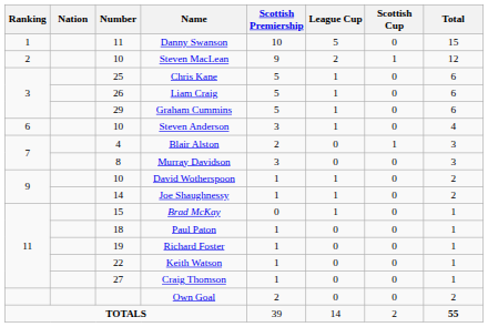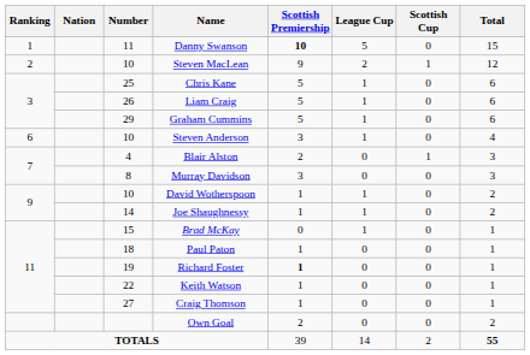 <table class="wikitable" style="font-size: 95%; text-align: center;">
 <tr>
 <th width=60>Ranking</th>
 <th width=60>Nation</th>
 <th width=60>Number</th>
 <th width=150>Name</th>
 <th width=80><a href='#'>Scottish Premiership</a></th>
 <th width=80>League Cup</th>
 <th width=80>Scottish Cup</th>
 <th width=80>Total</th>
 </tr>
 <tr>
 <td>1</td>
 <td></td>
 <td>11</td>
 <td><a href='#'>Danny Swanson</a></td>
-<td>10</td>
+<td><strong>10</strong></td>
 <td>5</td>
 <td>0</td>
 <td>15</td>
 </tr>
 <tr>
 <td>2</td>
 <td></td>
 <td>10</td>
 <td><a href='#'>Steven MacLean</a></td>
 <td>9</td>
 <td>2</td>
 <td>1</td>
 <td>12</td>
 </tr>
 <tr>
 <td rowspan="3">3</td>
 <td></td>
 <td>25</td>
 <td><a href='#'>Chris Kane</a></td>
 <td>5</td>
 <td>1</td>
 <td>0</td>
 <td>6</td>
 </tr>
 <tr>
 <td></td>
 <td>26</td>
 <td><a href='#'>Liam Craig</a></td>
 <td>5</td>
 <td>1</td>
 <td>0</td>
 <td>6</td>
 </tr>
 <tr>
 <td></td>
 <td>29</td>
 <td><a href='#'>Graham Cummins</a></td>
 <td>5</td>
 <td>1</td>
 <td>0</td>
 <td>6</td>
 </tr>
 <tr>
 <td>6</td>
 <td></td>
 <td>10</td>
 <td><a href='#'>Steven Anderson</a></td>
 <td>3</td>
 <td>1</td>
 <td>0</td>
 <td>4</td>
 </tr>
 <tr>
 <td rowspan="2">7</td>
 <td></td>
 <td>4</td>
 <td><a href='#'>Blair Alston</a></td>
 <td>2</td>
 <td>0</td>
 <td>1</td>
 <td>3</td>
 </tr>
 <tr>
 <td></td>
 <td>8</td>
 <td><a href='#'>Murray Davidson</a></td>
 <td>3</td>
 <td>0</td>
 <td>0</td>
 <td>3</td>
 </tr>
 <tr>
 <td rowspan="2">9</td>
 <td></td>
 <td>10</td>
 <td><a href='#'>David Wotherspoon</a></td>
 <td>1</td>
 <td>1</td>
 <td>0</td>
 <td>2</td>
 </tr>
 <tr>
 <td></td>
 <td>14</td>
 <td><a href='#'>Joe Shaughnessy</a></td>
 <td>1</td>
 <td>1</td>
 <td>0</td>
 <td>2</td>
 </tr>
 <tr>
 <td rowspan="5">11</td>
 <td></td>
 <td>15</td>
 <td><em><a href='#'>Brad McKay</a></em></td>
 <td>0</td>
 <td>1</td>
 <td>0</td>
 <td>1</td>
 </tr>
 <tr>
 <td></td>
 <td>18</td>
 <td><a href='#'>Paul Paton</a></td>
 <td>1</td>
 <td>0</td>
 <td>0</td>
 <td>1</td>
 </tr>
 <tr>
 <td></td>
 <td>19</td>
 <td><a href='#'>Richard Foster</a></td>
-<td>1</td>
+<td><strong>1</strong></td>
 <td>0</td>
 <td>0</td>
 <td>1</td>
 </tr>
 <tr>
 <td></td>
 <td>22</td>
 <td><a href='#'>Keith Watson</a></td>
 <td>1</td>
 <td>0</td>
 <td>0</td>
 <td>1</td>
 </tr>
 <tr>
 <td></td>
 <td>27</td>
 <td><a href='#'>Craig Thomson</a></td>
 <td>1</td>
 <td>0</td>
 <td>0</td>
 <td>1</td>
 </tr>
 <tr>
 <td></td>
 <td></td>
 <td></td>
 <td><a href='#'>Own Goal</a></td>
 <td>2</td>
 <td>0</td>
 <td>0</td>
 <td>2</td>
 </tr>
 <tr>
 <td colspan=4><strong>TOTALS</strong></td>
 <td>39</td>
 <td>14</td>
 <td>2</td>
 <td><strong>55</strong></td>
 </tr>
 </table>
